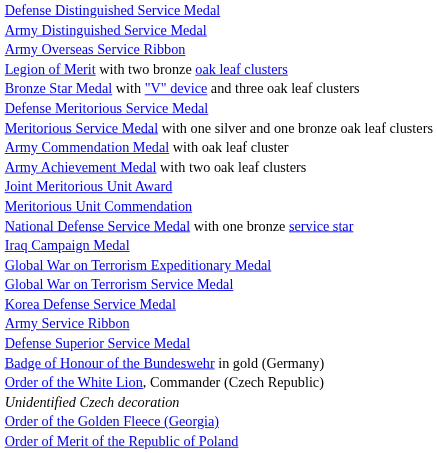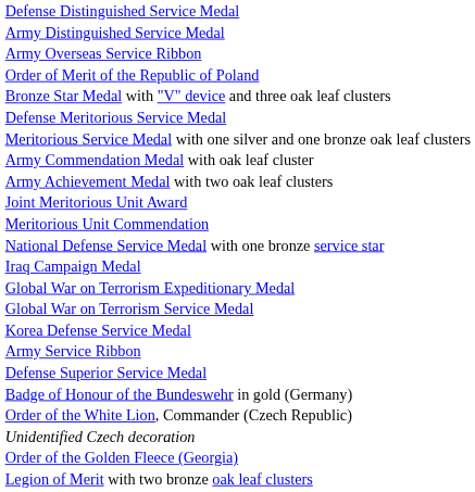 <table>
 <tr>
 <td> <a href='#'>Defense Distinguished Service Medal</a></td>
 </tr>
 <tr>
 <td> <a href='#'>Army Distinguished Service Medal</a></td>
 </tr>
 <tr>
 <td> <a href='#'>Army Overseas Service Ribbon</a></td>
 </tr>
 <tr>
-<td><span></span><span></span> <a href='#'>Legion of Merit</a> with two bronze <a href='#'>oak leaf clusters</a></td>
+<td> <a href='#'>Order of Merit of the Republic of Poland</a></td>
 </tr>
 <tr>
 <td><span></span><span></span><span></span><span></span> <a href='#'>Bronze Star Medal</a> with <a href='#'>"V" device</a> and three oak leaf clusters</td>
 </tr>
 <tr>
 <td> <a href='#'>Defense Meritorious Service Medal</a></td>
 </tr>
 <tr>
 <td><span></span><span></span> <a href='#'>Meritorious Service Medal</a> with one silver and one bronze oak leaf clusters</td>
 </tr>
 <tr>
 <td> <a href='#'>Army Commendation Medal</a> with oak leaf cluster</td>
 </tr>
 <tr>
 <td><span></span><span></span> <a href='#'>Army Achievement Medal</a> with two oak leaf clusters</td>
 </tr>
 <tr>
 <td> <a href='#'>Joint Meritorious Unit Award</a></td>
 </tr>
 <tr>
 <td> <a href='#'>Meritorious Unit Commendation</a></td>
 </tr>
 <tr>
 <td> <a href='#'>National Defense Service Medal</a> with one bronze <a href='#'>service star</a></td>
 </tr>
 <tr>
 <td> <a href='#'>Iraq Campaign Medal</a></td>
 </tr>
 <tr>
 <td> <a href='#'>Global War on Terrorism Expeditionary Medal</a></td>
 </tr>
 <tr>
 <td> <a href='#'>Global War on Terrorism Service Medal</a></td>
 </tr>
 <tr>
 <td> <a href='#'>Korea Defense Service Medal</a></td>
 </tr>
 <tr>
 <td> <a href='#'>Army Service Ribbon</a></td>
 </tr>
 <tr>
 <td> <a href='#'>Defense Superior Service Medal</a></td>
 </tr>
 <tr>
 <td> <a href='#'>Badge of Honour of the Bundeswehr</a> in gold (Germany)</td>
 </tr>
 <tr>
 <td> <a href='#'>Order of the White Lion</a>, Commander (Czech Republic)</td>
 </tr>
 <tr>
 <td> <em>Unidentified Czech decoration</em></td>
 </tr>
 <tr>
 <td> <a href='#'>Order of the Golden Fleece (Georgia)</a></td>
 </tr>
 <tr>
-<td> <a href='#'>Order of Merit of the Republic of Poland</a></td>
+<td><span></span><span></span> <a href='#'>Legion of Merit</a> with two bronze <a href='#'>oak leaf clusters</a></td>
 </tr>
 </table>
